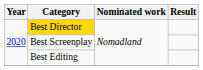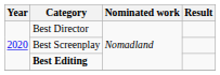 <table class="wikitable">
 <tr>
 <th>Year</th>
 <th>Category</th>
 <th>Nominated work</th>
 <th>Result</th>
 </tr>
 <tr>
 <td rowspan="3"><a href='#'>2020</a></td>
-<td style="background: gold;">Best Director</td>
+<td>Best Director</td>
 <td rowspan=3><em>Nomadland</em></td>
 <td></td>
 </tr>
 <tr>
 <td>Best Screenplay</td>
 <td></td>
 </tr>
 <tr>
-<td>Best Editing</td>
+<td><strong>Best Editing</strong></td>
 <td></td>
 </tr>
 <tr>
 </tr>
 </table>
